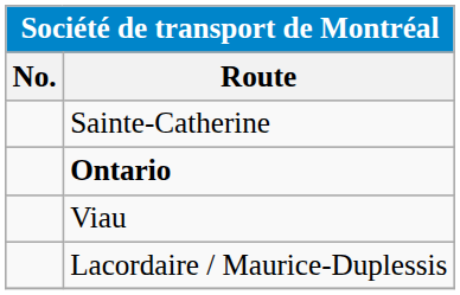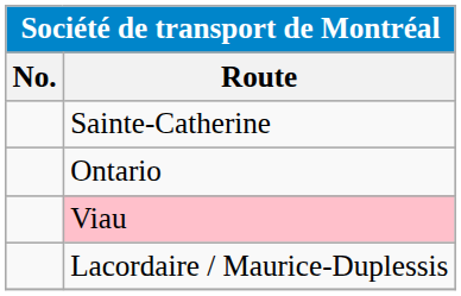 <table align=center class="wikitable">
 <tr>
 <th style="background: #0085CA; font-size:100%; color:#FFFFFF;"colspan="4">Société de transport de Montréal</th>
 </tr>
 <tr>
 <th>No.</th>
 <th>Route</th>
 </tr>
 <tr>
 <td></td>
 <td>Sainte-Catherine</td>
 </tr>
 <tr>
 <td></td>
-<td><strong>Ontario</strong></td>
+<td>Ontario</td>
 </tr>
 <tr>
 <td {{Avoid wrap> </td>
-<td>Viau</td>
+<td style="background: pink;">Viau</td>
 </tr>
 <tr>
 <td {{Avoid wrap> </td>
 <td>Lacordaire / Maurice-Duplessis</td>
 </tr>
 <tr>
 </tr>
 </table>
